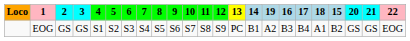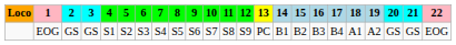 <table class="wikitable plainrowheaders unsortable" style="text-align:center">
 <tr>
 <th scope="col" rowspan="1" style="background:orange;">Loco</th>
 <th scope="col" rowspan="1" style="background:lightpink;">1</th>
 <th scope="col" rowspan="1" style="background:cyan;">2</th>
 <th scope="col" rowspan="1" style="background:cyan;">3</th>
 <th scope="col" rowspan="1" style="background:lime;">4</th>
 <th scope="col" rowspan="1" style="background:lime;">5</th>
 <th scope="col" rowspan="1" style="background:lime;">6</th>
 <th scope="col" rowspan="1" style="background:lime;">7</th>
 <th scope="col" rowspan="1" style="background:lime;">8</th>
 <th scope="col" rowspan="1" style="background:lime;">9</th>
 <th scope="col" rowspan="1" style="background:lime;">10</th>
 <th scope="col" rowspan="1" style="background:lime;">11</th>
 <th scope="col" rowspan="1" style="background:lime;">12</th>
 <th scope="col" rowspan="1" style="background:yellow;">13</th>
 <th scope="col" rowspan="1" style="background:lightblue;">14</th>
-<th scope="col" rowspan="1" style="background:lightblue;">19</th>
+<th scope="col" rowspan="1" style="background:lightblue;">15</th>
 <th scope="col" rowspan="1" style="background:lightblue;">16</th>
 <th scope="col" rowspan="1" style="background:lightblue;">17</th>
 <th scope="col" rowspan="1" style="background:lightblue;">18</th>
-<th scope="col" rowspan="1" style="background:lightblue;">15</th>
+<th scope="col" rowspan="1" style="background:lightblue;">19</th>
 <th scope="col" rowspan="1" style="background:cyan;">20</th>
 <th scope="col" rowspan="1" style="background:cyan;">21</th>
 <th scope="col" rowspan="1" style="background:lightpink;">22</th>
 </tr>
 <tr>
 <td></td>
 <td>EOG</td>
 <td>GS</td>
 <td>GS</td>
 <td>S1</td>
 <td>S2</td>
 <td>S3</td>
 <td>S4</td>
 <td>S5</td>
 <td>S6</td>
 <td>S7</td>
 <td>S8</td>
 <td>S9</td>
 <td>PC</td>
 <td>B1</td>
-<td>A2</td>
+<td>B2</td>
 <td>B3</td>
 <td>B4</td>
 <td>A1</td>
-<td>B2</td>
+<td>A2</td>
 <td>GS</td>
 <td>GS</td>
 <td>EOG</td>
 </tr>
 </table>
